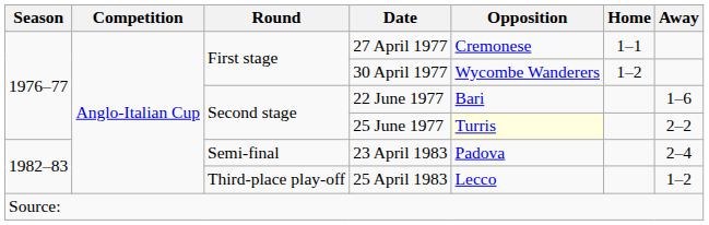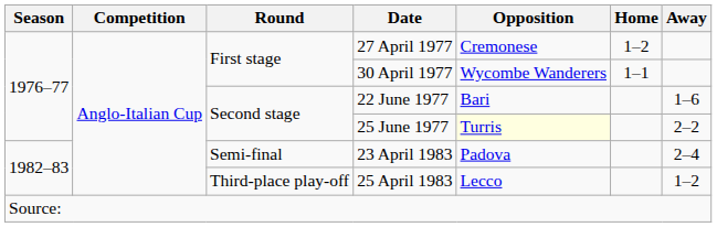 <table class=wikitable>
 <tr>
 <th>Season</th>
 <th>Competition</th>
 <th>Round</th>
 <th>Date</th>
 <th>Opposition</th>
 <th>Home</th>
 <th>Away</th>
 </tr>
 <tr>
 <td rowspan=4>1976–77</td>
 <td rowspan=6><a href='#'>Anglo-Italian Cup</a></td>
 <td rowspan=2>First stage</td>
 <td rowspan=1>27 April 1977</td>
 <td> <a href='#'>Cremonese</a></td>
-<td align=center>1–1</td>
+<td align=center>1–2</td>
 <td></td>
 </tr>
 <tr>
 <td rowspan=1>30 April 1977</td>
 <td> <a href='#'>Wycombe Wanderers</a></td>
-<td align=center>1–2</td>
+<td align=center>1–1</td>
 <td></td>
 </tr>
 <tr>
 <td rowspan=2>Second stage</td>
 <td rowspan=1>22 June 1977</td>
 <td> <a href='#'>Bari</a></td>
 <td></td>
 <td align=center>1–6</td>
 </tr>
 <tr>
 <td rowspan=1>25 June 1977</td>
 <td style="background: lightyellow;"> <a href='#'>Turris</a></td>
 <td></td>
 <td align=center>2–2</td>
 </tr>
 <tr>
 <td rowspan=2>1982–83</td>
 <td rowspan=1>Semi-final</td>
 <td rowspan=1>23 April 1983</td>
 <td> <a href='#'>Padova</a></td>
 <td></td>
 <td align=center>2–4</td>
 </tr>
 <tr>
 <td rowspan=1>Third-place play-off</td>
 <td rowspan=1>25 April 1983</td>
 <td> <a href='#'>Lecco</a></td>
 <td></td>
 <td align=center>1–2</td>
 </tr>
 <tr>
 <td colspan=7>Source: </td>
 </tr>
 </table>
